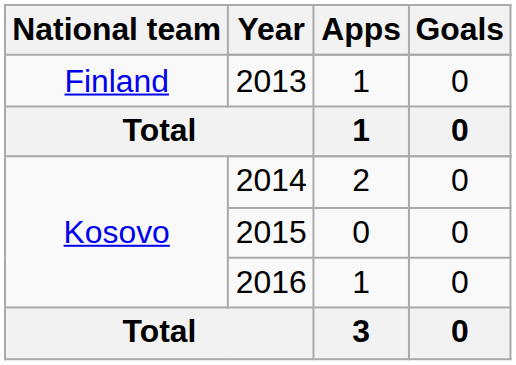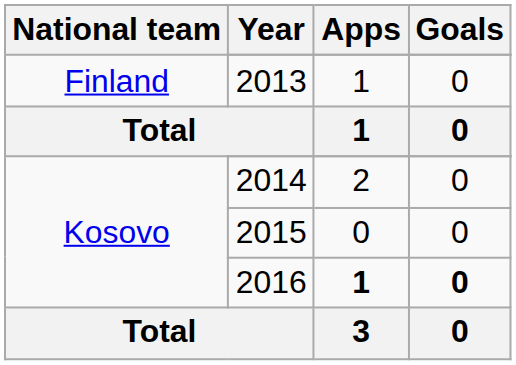 <table class="wikitable" style="text-align:center">
 <tr>
 <th>National team</th>
 <th>Year</th>
 <th>Apps</th>
 <th>Goals</th>
 </tr>
 <tr>
 <td rowspan="2"><a href='#'>Finland</a></td>
 </tr>
 <tr>
 <td>2013</td>
 <td>1</td>
 <td>0</td>
 </tr>
 <tr>
 <th colspan="2">Total</th>
 <th>1</th>
 <th>0</th>
 </tr>
 <tr>
 <td rowspan="4"><a href='#'>Kosovo</a></td>
 </tr>
 <tr>
 <td>2014</td>
 <td>2</td>
 <td>0</td>
 </tr>
 <tr>
 <td>2015</td>
 <td>0</td>
 <td>0</td>
 </tr>
 <tr>
 <td>2016</td>
-<td>1</td>
-<td>0</td>
+<td><strong>1</strong></td>
+<td><strong>0</strong></td>
 </tr>
 <tr>
 <th colspan="2">Total</th>
 <th>3</th>
 <th>0</th>
 </tr>
 </table>
